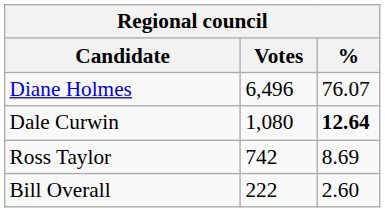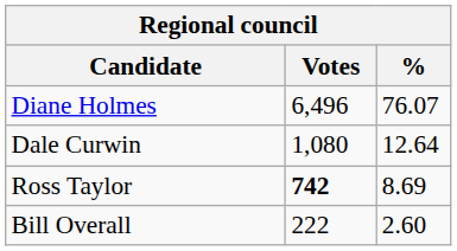 <table class="wikitable">
 <tr>
 <th colspan="3">Regional council</th>
 </tr>
 <tr>
 <th style="width: 170px">Candidate</th>
 <th style="width: 50px">Votes</th>
 <th style="width: 40px">%</th>
 </tr>
 <tr>
 <td><a href='#'>Diane Holmes</a></td>
 <td>6,496</td>
 <td>76.07</td>
 </tr>
 <tr>
 <td>Dale Curwin</td>
 <td>1,080</td>
-<td><strong>12.64</strong></td>
+<td>12.64</td>
 </tr>
 <tr>
 <td>Ross Taylor</td>
-<td>742</td>
+<td><strong>742</strong></td>
 <td>8.69</td>
 </tr>
 <tr>
 <td>Bill Overall</td>
 <td>222</td>
 <td>2.60</td>
 </tr>
 </table>
